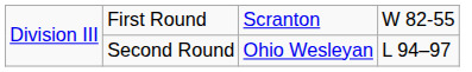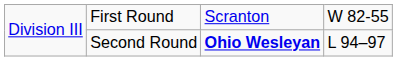 <table class="wikitable">
 <tr>
 <td rowspan="2"><a href='#'>Division III</a></td>
 <td>First Round</td>
 <td><a href='#'>Scranton</a></td>
 <td>W 82-55</td>
 </tr>
 <tr>
 <td>Second Round</td>
-<td><a href='#'>Ohio Wesleyan</a></td>
+<td><strong><a href='#'>Ohio Wesleyan</a></strong></td>
 <td>L 94–97</td>
 </tr>
 </table>
